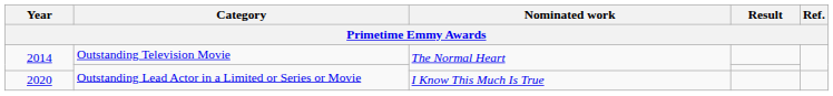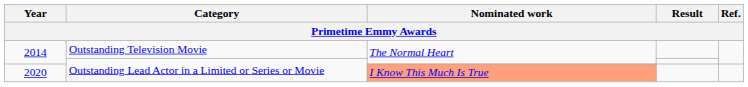 <table class=wikitable>
 <tr>
 <th scope="col" style="width:5em;">Year</th>
 <th scope="col" style="width:26em;">Category</th>
 <th scope="col" style="width:25em;">Nominated work</th>
 <th scope="col" style="width:5em;">Result</th>
 <th>Ref.</th>
 </tr>
 <tr>
 <th colspan=5><a href='#'>Primetime Emmy Awards</a></th>
 </tr>
 <tr>
 <td style="text-align: center;" rowspan="2"><a href='#'>2014</a></td>
 <td><a href='#'>Outstanding Television Movie</a></td>
 <td rowspan="2"><em><a href='#'>The Normal Heart</a></em></td>
 <td></td>
 <td style="text-align: center;" rowspan="2"></td>
 </tr>
 <tr>
 <td rowspan="2"><a href='#'>Outstanding Lead Actor in a Limited or Series or Movie</a></td>
 <td></td>
 </tr>
 <tr>
 <td style="text-align: center;"><a href='#'>2020</a></td>
-<td><em><a href='#'>I Know This Much Is True</a></em></td>
+<td style="background: lightsalmon;"><em><a href='#'>I Know This Much Is True</a></em></td>
 <td></td>
 <td style="text-align: center;"></td>
 </tr>
 </table>
